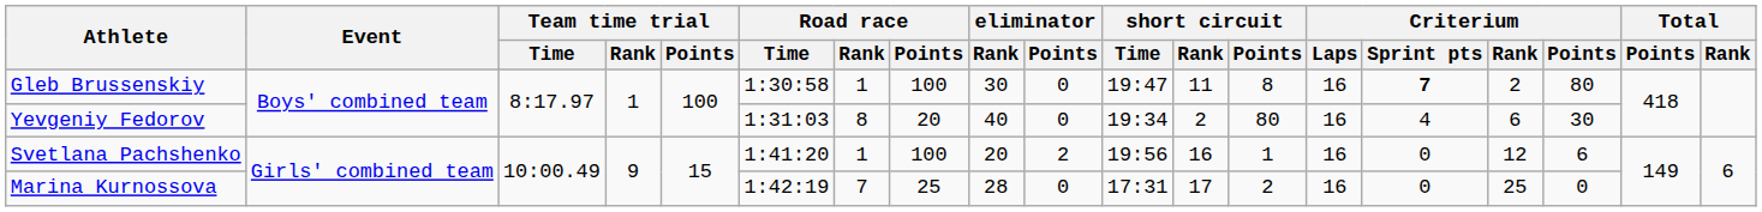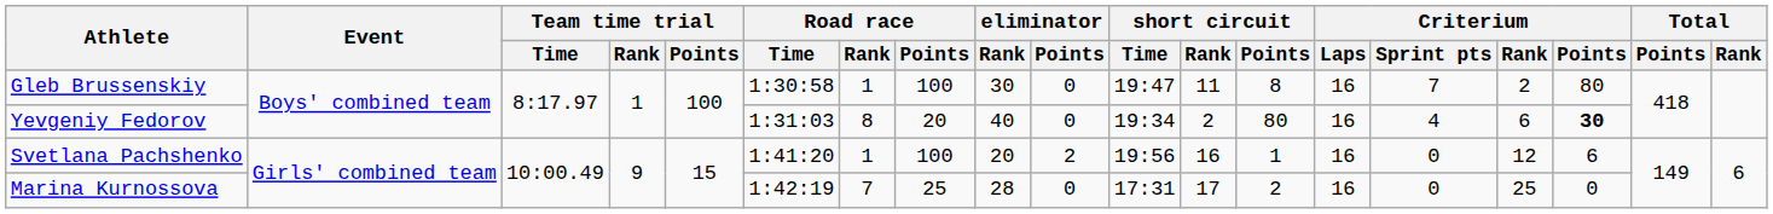 <table class="wikitable" style="text-align:center; font-size:90%;">
 <tr>
 <th rowspan="2">Athlete</th>
 <th rowspan="2">Event</th>
 <th colspan="3">Team time trial</th>
 <th colspan="3">Road race</th>
 <th colspan="2"> eliminator</th>
 <th colspan="3"> short circuit</th>
 <th colspan="4">Criterium</th>
 <th colspan="2">Total</th>
 </tr>
 <tr style="font-size:95%;">
 <th>Time</th>
 <th>Rank</th>
 <th>Points</th>
 <th>Time</th>
 <th>Rank</th>
 <th>Points</th>
 <th>Rank</th>
 <th>Points</th>
 <th>Time</th>
 <th>Rank</th>
 <th>Points</th>
 <th>Laps</th>
 <th>Sprint pts</th>
 <th>Rank</th>
 <th>Points</th>
 <th>Points</th>
 <th>Rank</th>
 </tr>
 <tr>
 <td align=left><a href='#'>Gleb Brussenskiy</a></td>
 <td rowspan=2><a href='#'>Boys' combined team</a></td>
 <td rowspan=2>8:17.97</td>
 <td rowspan=2>1</td>
 <td rowspan=2>100</td>
 <td>1:30:58</td>
 <td>1</td>
 <td>100</td>
 <td>30</td>
 <td>0</td>
 <td>19:47</td>
 <td>11</td>
 <td>8</td>
 <td>16</td>
-<td><strong>7</strong></td>
+<td>7</td>
 <td>2</td>
 <td>80</td>
 <td rowspan=2>418</td>
 <td rowspan=2></td>
 </tr>
 <tr>
 <td align=left><a href='#'>Yevgeniy Fedorov</a></td>
 <td>1:31:03</td>
 <td>8</td>
 <td>20</td>
 <td>40</td>
 <td>0</td>
 <td>19:34</td>
 <td>2</td>
 <td>80</td>
 <td>16</td>
 <td>4</td>
 <td>6</td>
-<td>30</td>
+<td><strong>30</strong></td>
 </tr>
 <tr>
 <td align=left><a href='#'>Svetlana Pachshenko</a></td>
 <td rowspan=2><a href='#'>Girls' combined team</a></td>
 <td rowspan=2>10:00.49</td>
 <td rowspan=2>9</td>
 <td rowspan=2>15</td>
 <td>1:41:20</td>
 <td>1</td>
 <td>100</td>
 <td>20</td>
 <td>2</td>
 <td>19:56</td>
 <td>16</td>
 <td>1</td>
 <td>16</td>
 <td>0</td>
 <td>12</td>
 <td>6</td>
 <td rowspan=2>149</td>
 <td rowspan=2>6</td>
 </tr>
 <tr>
 <td align=left><a href='#'>Marina Kurnossova</a></td>
 <td>1:42:19</td>
 <td>7</td>
 <td>25</td>
 <td>28</td>
 <td>0</td>
 <td>17:31</td>
 <td>17</td>
 <td>2</td>
 <td>16</td>
 <td>0</td>
 <td>25</td>
 <td>0</td>
 </tr>
 </table>
